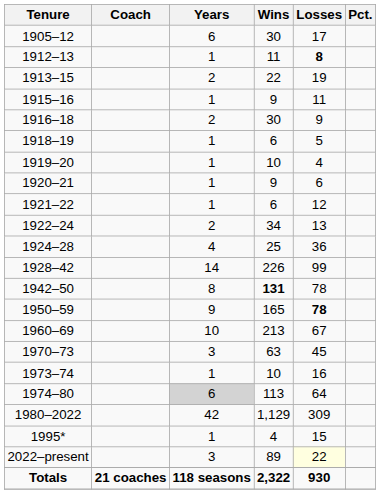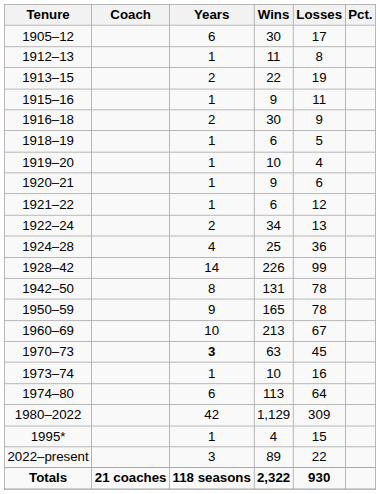 <table class="wikitable sortable" style="text-align:center">
 <tr>
 <th>Tenure</th>
 <th>Coach</th>
 <th>Years</th>
 <th>Wins</th>
 <th>Losses</th>
 <th>Pct.</th>
 </tr>
 <tr>
 <td>1905–12</td>
 <td></td>
 <td>6</td>
 <td>30</td>
 <td>17</td>
 <td></td>
 </tr>
 <tr>
 <td>1912–13</td>
 <td></td>
 <td>1</td>
 <td>11</td>
-<td><strong>8</strong></td>
+<td>8</td>
 <td></td>
 </tr>
 <tr>
 <td>1913–15</td>
 <td></td>
 <td>2</td>
 <td>22</td>
 <td>19</td>
 <td></td>
 </tr>
 <tr>
 <td>1915–16</td>
 <td></td>
 <td>1</td>
 <td>9</td>
 <td>11</td>
 <td></td>
 </tr>
 <tr>
 <td>1916–18</td>
 <td></td>
 <td>2</td>
 <td>30</td>
 <td>9</td>
 <td></td>
 </tr>
 <tr>
 <td>1918–19</td>
 <td></td>
 <td>1</td>
 <td>6</td>
 <td>5</td>
 <td></td>
 </tr>
 <tr>
 <td>1919–20</td>
 <td></td>
 <td>1</td>
 <td>10</td>
 <td>4</td>
 <td></td>
 </tr>
 <tr>
 <td>1920–21</td>
 <td></td>
 <td>1</td>
 <td>9</td>
 <td>6</td>
 <td></td>
 </tr>
 <tr>
 <td>1921–22</td>
 <td></td>
 <td>1</td>
 <td>6</td>
 <td>12</td>
 <td></td>
 </tr>
 <tr>
 <td>1922–24</td>
 <td></td>
 <td>2</td>
 <td>34</td>
 <td>13</td>
 <td></td>
 </tr>
 <tr>
 <td>1924–28</td>
 <td></td>
 <td>4</td>
 <td>25</td>
 <td>36</td>
 <td></td>
 </tr>
 <tr>
 <td>1928–42</td>
 <td></td>
 <td>14</td>
 <td>226</td>
 <td>99</td>
 <td></td>
 </tr>
 <tr>
 <td>1942–50</td>
 <td></td>
 <td>8</td>
-<td><strong>131</strong></td>
+<td>131</td>
 <td>78</td>
 <td></td>
 </tr>
 <tr>
 <td>1950–59</td>
 <td></td>
 <td>9</td>
 <td>165</td>
-<td><strong>78</strong></td>
+<td>78</td>
 <td></td>
 </tr>
 <tr>
 <td>1960–69</td>
 <td></td>
 <td>10</td>
 <td>213</td>
 <td>67</td>
 <td></td>
 </tr>
 <tr>
 <td>1970–73</td>
 <td></td>
-<td>3</td>
+<td><strong>3</strong></td>
 <td>63</td>
 <td>45</td>
 <td></td>
 </tr>
 <tr>
 <td>1973–74</td>
 <td></td>
 <td>1</td>
 <td>10</td>
 <td>16</td>
 <td></td>
 </tr>
 <tr>
 <td>1974–80</td>
 <td></td>
-<td style="background: lightgrey;">6</td>
+<td>6</td>
 <td>113</td>
 <td>64</td>
 <td></td>
 </tr>
 <tr>
 <td>1980–2022</td>
 <td></td>
 <td>42</td>
 <td>1,129</td>
 <td>309</td>
 <td></td>
 </tr>
 <tr>
 <td>1995*</td>
 <td></td>
 <td>1</td>
 <td>4</td>
 <td>15</td>
 <td></td>
 </tr>
 <tr>
 <td>2022–present</td>
 <td></td>
 <td>3</td>
 <td>89</td>
-<td style="background: lightyellow;">22</td>
+<td>22</td>
 <td></td>
 </tr>
 <tr>
 </tr>
 <tr class="sortbottom" style="font-weight:bold; ">
 <td>Totals</td>
 <td>21 coaches</td>
 <td>118 seasons</td>
 <td>2,322</td>
 <td>930</td>
 <td></td>
 </tr>
 <tr>
 </tr>
 </table>
